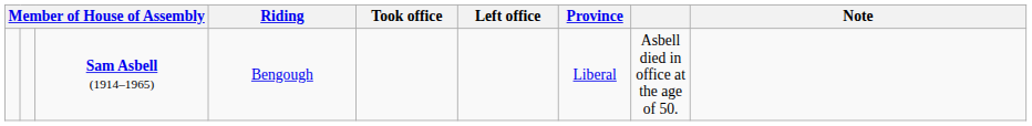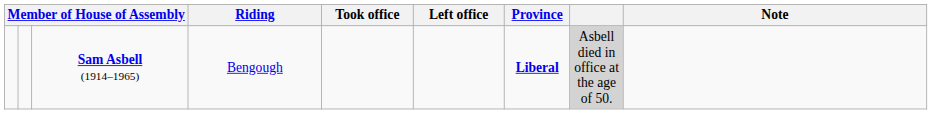 <table class="wikitable sortable plainrowheaders" style="text-align:center">
 <tr>
 <th colspan="3" class=unsortable><a href='#'>Member of House of Assembly</a></th>
 <th scope="col" width=150px><a href='#'>Riding</a></th>
 <th scope="col" width=100px>Took office</th>
 <th scope="col" width=100px>Left office</th>
 <th scope="col" width=70px><a href='#'>Province</a></th>
 <th scope="col" class=unsortable width=55px></th>
 <th scope="col" class=unsortable width=350px>Note</th>
 </tr>
 <tr>
 <td style="background:"></td>
 <td></td>
 <td><strong><a href='#'>Sam Asbell</a></strong><br><small>(1914–1965)</small></td>
 <td><a href='#'>Bengough</a></td>
 <td></td>
 <td></td>
-<td><a href='#'>Liberal</a></td>
-<td> Asbell died in office at the age of 50.</td>
+<td><strong><a href='#'>Liberal</a></strong></td>
+<td style="background: lightgrey;"> Asbell died in office at the age of 50.</td>
 <td></td>
 </tr>
 </table>
